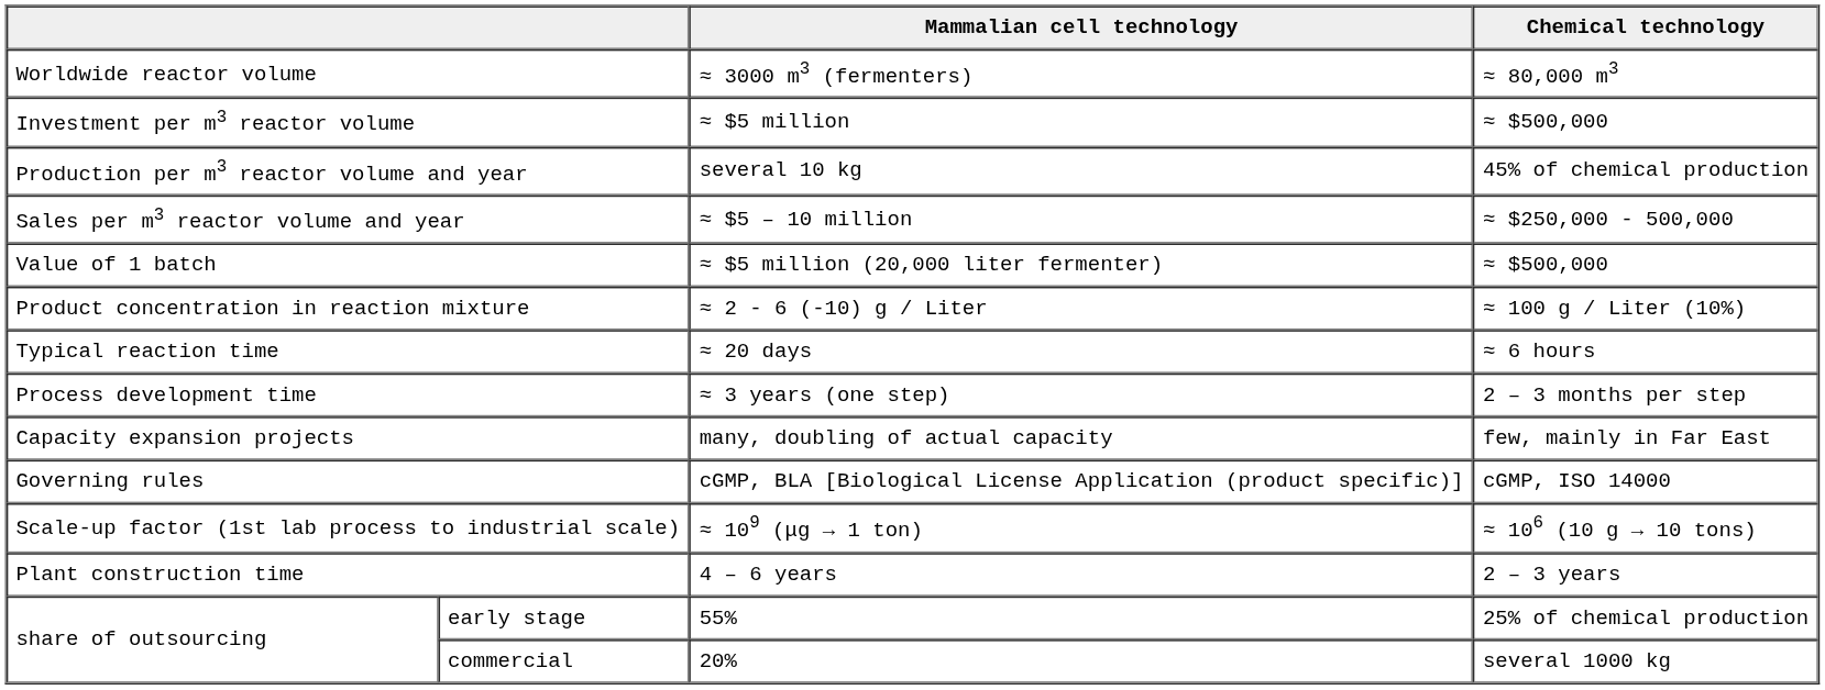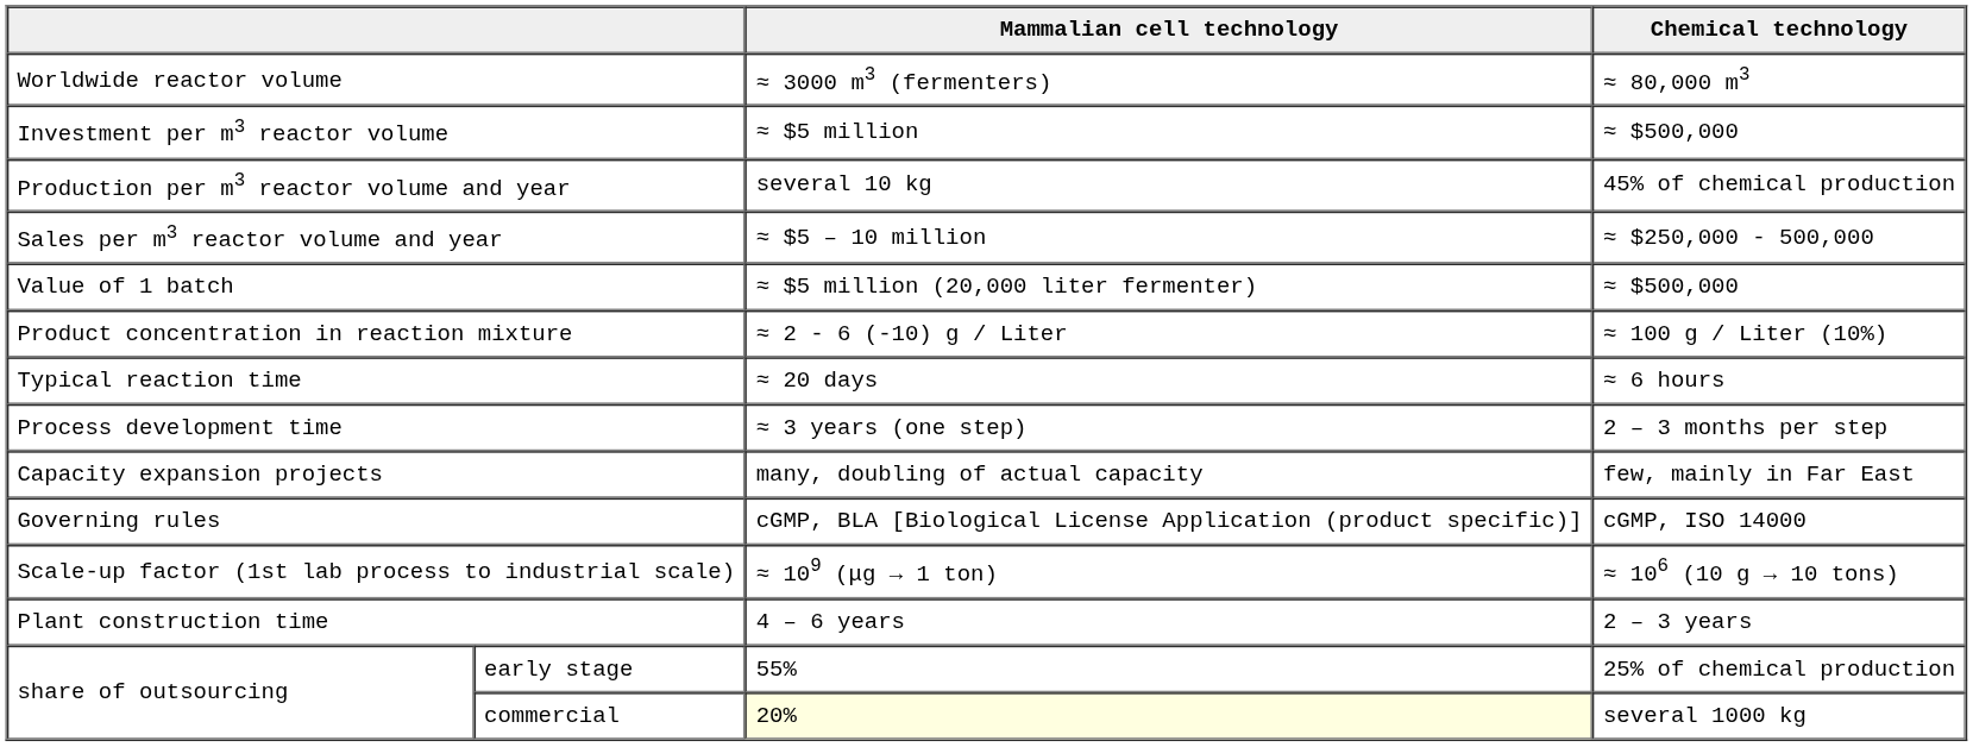 <table " border="1" cellpadding="5" cellspacing="0" align="center">
 <tr>
 <th colspan="2" style="background: #efefef;"></th>
 <th style="background: #efefef;">Mammalian cell technology</th>
 <th style="background: #efefef;">Chemical technology</th>
 </tr>
 <tr>
 <td colspan="2">Worldwide reactor volume</td>
 <td>≈ 3000 m<sup>3</sup> (fermenters)</td>
 <td>≈ 80,000 m<sup>3</sup></td>
 </tr>
 <tr>
 <td colspan="2">Investment per m<sup>3</sup> reactor volume</td>
 <td>≈ $5 million</td>
 <td>≈ $500,000</td>
 </tr>
 <tr>
 <td colspan="2">Production per m<sup>3</sup> reactor volume and year</td>
 <td>several 10 kg</td>
 <td>45% of chemical production</td>
 </tr>
 <tr>
 <td colspan="2">Sales per m<sup>3</sup> reactor volume and year</td>
 <td>≈ $5 – 10 million</td>
 <td>≈ $250,000 - 500,000</td>
 </tr>
 <tr>
 <td colspan="2">Value of 1 batch</td>
 <td>≈ $5 million (20,000 liter fermenter)</td>
 <td>≈ $500,000</td>
 </tr>
 <tr>
 <td colspan="2">Product concentration in reaction mixture</td>
 <td>≈ 2 - 6 (-10) g / Liter</td>
 <td>≈ 100 g / Liter (10%)</td>
 </tr>
 <tr>
 <td colspan="2">Typical reaction time</td>
 <td>≈ 20 days</td>
 <td>≈ 6 hours</td>
 </tr>
 <tr>
 <td colspan="2">Process development time</td>
 <td>≈ 3 years (one step)</td>
 <td>2 – 3 months per step</td>
 </tr>
 <tr>
 <td colspan="2">Capacity expansion projects</td>
 <td>many, doubling of actual capacity</td>
 <td>few, mainly in Far East</td>
 </tr>
 <tr>
 <td colspan="2">Governing rules</td>
 <td>cGMP, BLA [Biological License Application (product specific)]</td>
 <td>cGMP, ISO 14000</td>
 </tr>
 <tr>
 <td colspan="2">Scale-up factor (1st lab process to industrial scale)</td>
 <td>≈ 10<sup>9</sup> (μg → 1 ton)</td>
 <td>≈  10<sup>6</sup> (10 g → 10 tons)</td>
 </tr>
 <tr>
 <td colspan="2">Plant construction time</td>
 <td>4 – 6 years</td>
 <td>2 – 3 years</td>
 </tr>
 <tr>
 <td rowspan="2">share of outsourcing</td>
 <td>early stage</td>
 <td>55%</td>
 <td>25% of chemical production</td>
 </tr>
 <tr>
 <td>commercial</td>
-<td>20%</td>
+<td style="background: lightyellow;">20%</td>
 <td>several 1000 kg</td>
 </tr>
 <tr>
 </tr>
 </table>
